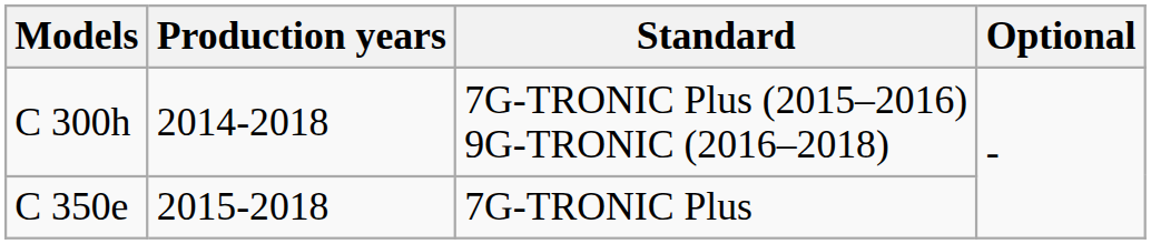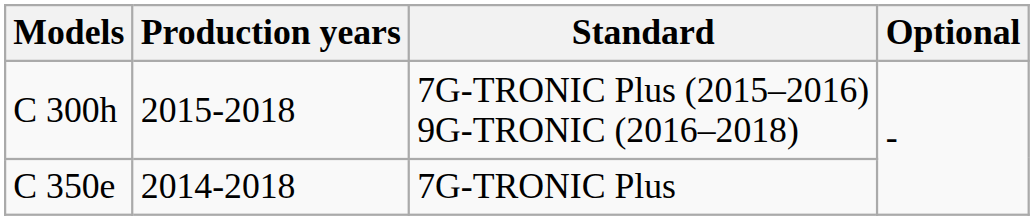 <table class="wikitable">
 <tr>
 <th>Models</th>
 <th>Production years</th>
 <th>Standard</th>
 <th>Optional</th>
 </tr>
 <tr>
 <td>C 300h</td>
-<td>2014-2018</td>
+<td>2015-2018</td>
 <td>7G-TRONIC Plus (2015–2016)<br>9G-TRONIC (2016–2018)</td>
 <td rowspan="2">-</td>
 </tr>
 <tr>
 <td>C 350e</td>
-<td>2015-2018</td>
+<td>2014-2018</td>
 <td>7G-TRONIC Plus</td>
 </tr>
 </table>
